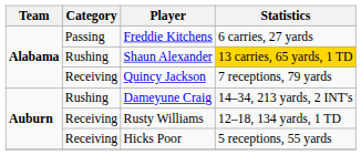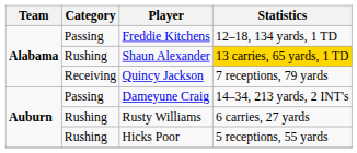 <table class="wikitable" style="float: right;">
 <tr>
 <th>Team</th>
 <th>Category</th>
 <th>Player</th>
 <th>Statistics</th>
 </tr>
 <tr>
 <td rowspan=3><strong>Alabama</strong></td>
 <td>Passing</td>
 <td><a href='#'>Freddie Kitchens</a></td>
-<td>6 carries, 27 yards</td>
+<td>12–18, 134 yards, 1 TD</td>
 </tr>
 <tr>
 <td>Rushing</td>
 <td><a href='#'>Shaun Alexander</a></td>
 <td style="background: gold;">13 carries, 65 yards, 1 TD</td>
 </tr>
 <tr>
 <td>Receiving</td>
 <td><a href='#'>Quincy Jackson</a></td>
 <td>7 receptions, 79 yards</td>
 </tr>
 <tr>
 <td rowspan=3><strong>Auburn</strong></td>
-<td>Rushing</td>
+<td>Passing</td>
 <td><a href='#'>Dameyune Craig</a></td>
 <td>14–34, 213 yards, 2 INT's</td>
 </tr>
 <tr>
-<td>Receiving</td>
+<td>Rushing</td>
 <td>Rusty Williams</td>
-<td>12–18, 134 yards, 1 TD</td>
+<td>6 carries, 27 yards</td>
 </tr>
 <tr>
-<td>Receiving</td>
+<td>Rushing</td>
 <td>Hicks Poor</td>
 <td>5 receptions, 55 yards</td>
 </tr>
 <tr>
 </tr>
 </table>
